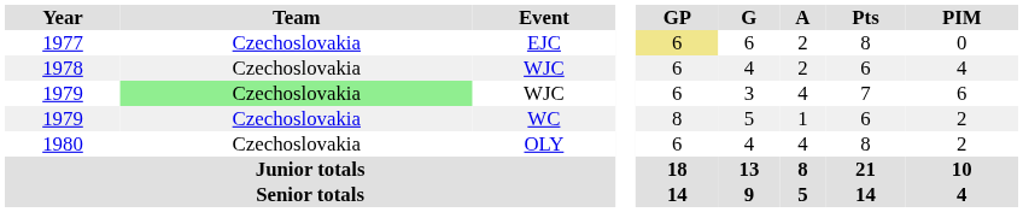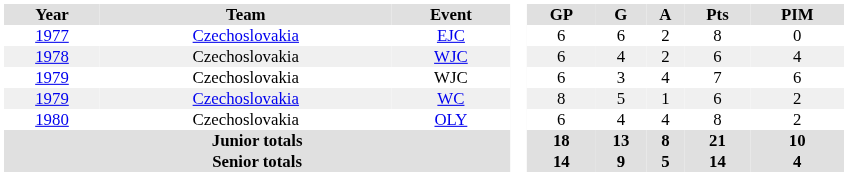 <table border="0" cellpadding="1" cellspacing="0" style="text-align:center; width:50em">
 <tr ALIGN="center" bgcolor="#e0e0e0">
 <th>Year</th>
 <th>Team</th>
 <th>Event</th>
 <th rowspan="99" bgcolor="#ffffff"> </th>
 <th>GP</th>
 <th>G</th>
 <th>A</th>
 <th>Pts</th>
 <th>PIM</th>
 </tr>
 <tr>
 <td><a href='#'>1977</a></td>
 <td><a href='#'>Czechoslovakia</a></td>
 <td><a href='#'>EJC</a></td>
-<td style="background: khaki;">6</td>
+<td>6</td>
 <td>6</td>
 <td>2</td>
 <td>8</td>
 <td>0</td>
 </tr>
 <tr bgcolor="#f0f0f0">
 <td><a href='#'>1978</a></td>
 <td>Czechoslovakia</td>
 <td><a href='#'>WJC</a></td>
 <td>6</td>
 <td>4</td>
 <td>2</td>
 <td>6</td>
 <td>4</td>
 </tr>
 <tr>
 <td><a href='#'>1979</a></td>
-<td style="background: lightgreen;">Czechoslovakia</td>
+<td>Czechoslovakia</td>
 <td>WJC</td>
 <td>6</td>
 <td>3</td>
 <td>4</td>
 <td>7</td>
 <td>6</td>
 </tr>
 <tr bgcolor="#f0f0f0">
 <td><a href='#'>1979</a></td>
 <td><a href='#'>Czechoslovakia</a></td>
 <td><a href='#'>WC</a></td>
 <td>8</td>
 <td>5</td>
 <td>1</td>
 <td>6</td>
 <td>2</td>
 </tr>
 <tr>
 <td><a href='#'>1980</a></td>
 <td>Czechoslovakia</td>
 <td><a href='#'>OLY</a></td>
 <td>6</td>
 <td>4</td>
 <td>4</td>
 <td>8</td>
 <td>2</td>
 </tr>
 <tr bgcolor="#e0e0e0">
 <th colspan=3>Junior totals</th>
 <th>18</th>
 <th>13</th>
 <th>8</th>
 <th>21</th>
 <th>10</th>
 </tr>
 <tr bgcolor="#e0e0e0">
 <th colspan=3>Senior totals</th>
 <th>14</th>
 <th>9</th>
 <th>5</th>
 <th>14</th>
 <th>4</th>
 </tr>
 </table>
